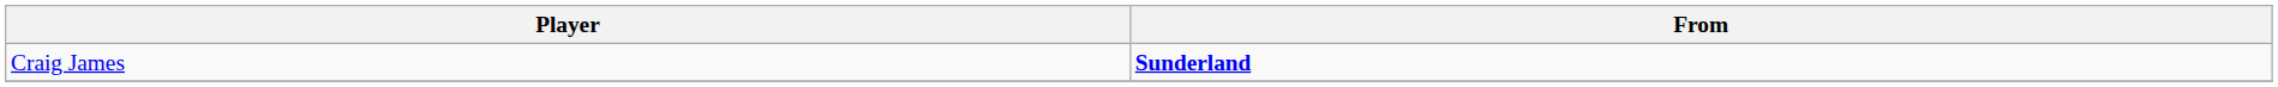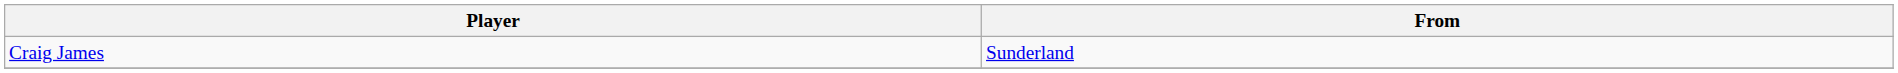 <table class="wikitable" style="text-align:center; font-size:95%;width:75%; text-align:left">
 <tr>
 <th><strong>Player</strong></th>
 <th><strong>From</strong></th>
 </tr>
 <tr --->
 <td> <a href='#'>Craig James</a></td>
-<td><strong><a href='#'>Sunderland</a></strong></td>
+<td><a href='#'>Sunderland</a></td>
 </tr>
 <tr>
 </tr>
 </table>
